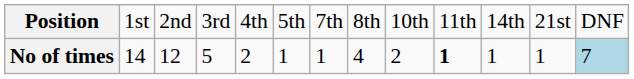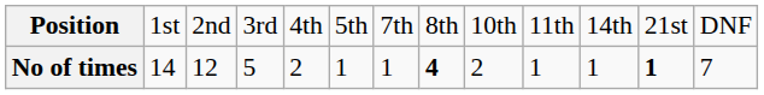 <table class="wikitable">
 <tr>
 <th>Position</th>
 <td>1st</td>
 <td>2nd</td>
 <td>3rd</td>
 <td>4th</td>
 <td>5th</td>
 <td>7th</td>
 <td>8th</td>
 <td>10th</td>
 <td>11th</td>
 <td>14th</td>
 <td>21st</td>
 <td>DNF</td>
 </tr>
 <tr>
 <th>No of times</th>
 <td>14</td>
 <td>12</td>
 <td>5</td>
 <td>2</td>
 <td>1</td>
 <td>1</td>
-<td>4</td>
+<td><strong>4</strong></td>
 <td>2</td>
-<td><strong>1</strong></td>
 <td>1</td>
 <td>1</td>
-<td style="background: lightblue;">7</td>
+<td><strong>1</strong></td>
+<td>7</td>
 </tr>
 </table>
